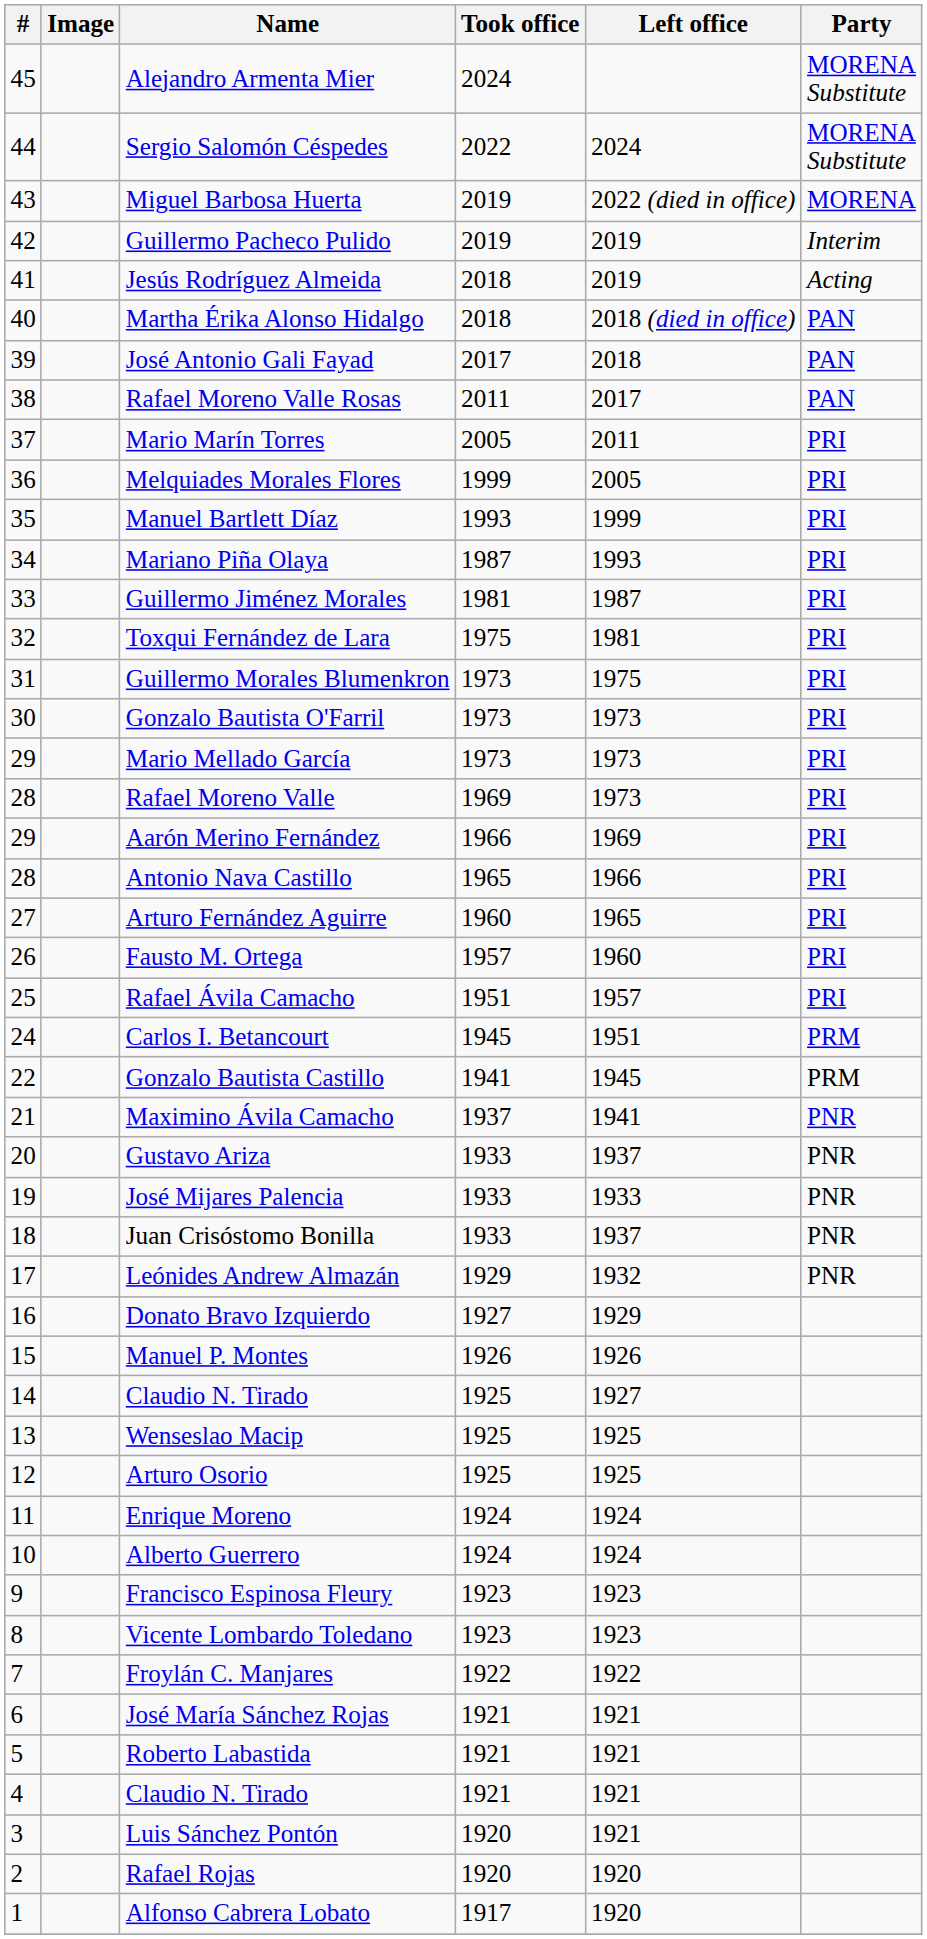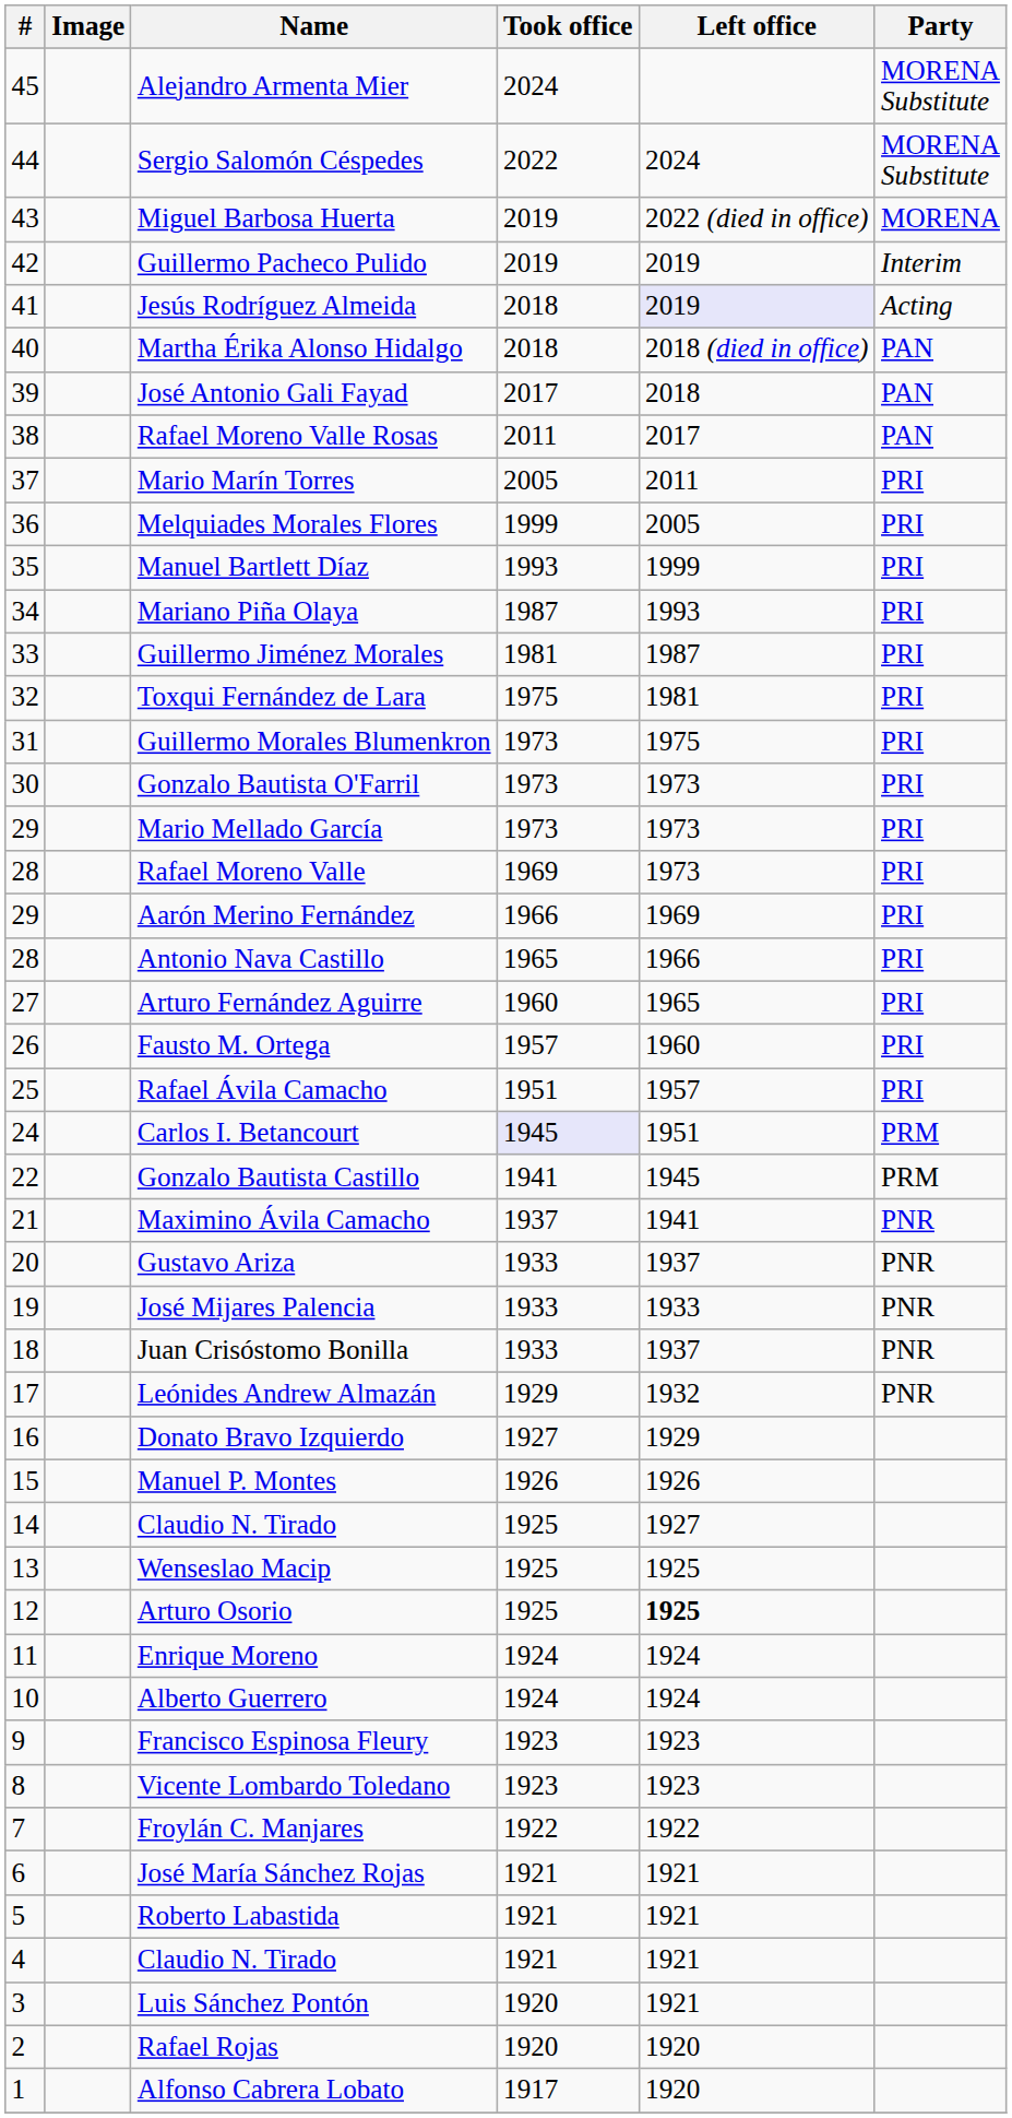 <table class="wikitable">
 <tr>
 <th scope = "col">#</th>
 <th scope = "col">Image</th>
 <th scope = "col">Name</th>
 <th scope = "col">Took office</th>
 <th scope = "col">Left office</th>
 <th scope = "col">Party</th>
 </tr>
 <tr>
 <td>45</td>
 <td></td>
 <td><a href='#'>Alejandro Armenta Mier</a></td>
 <td>2024</td>
 <td></td>
 <td><a href='#'>MORENA</a><br><em>Substitute</em></td>
 </tr>
 <tr>
 <td>44</td>
 <td></td>
 <td><a href='#'>Sergio Salomón Céspedes</a></td>
 <td>2022</td>
 <td>2024</td>
 <td><a href='#'>MORENA</a><br><em>Substitute</em></td>
 </tr>
 <tr>
 <td>43</td>
 <td></td>
 <td><a href='#'>Miguel Barbosa Huerta</a></td>
 <td>2019</td>
 <td>2022 <em>(died in office)</em></td>
 <td><a href='#'>MORENA</a></td>
 </tr>
 <tr>
 <td>42</td>
 <td></td>
 <td><a href='#'>Guillermo Pacheco Pulido</a></td>
 <td>2019</td>
 <td>2019</td>
 <td><em>Interim</em></td>
 </tr>
 <tr>
 <td>41</td>
 <td></td>
 <td><a href='#'>Jesús Rodríguez Almeida</a></td>
 <td>2018</td>
-<td>2019</td>
+<td style="background: lavender;">2019</td>
 <td><em>Acting</em></td>
 </tr>
 <tr>
 <td>40</td>
 <td></td>
 <td><a href='#'>Martha Érika Alonso Hidalgo</a></td>
 <td>2018</td>
 <td>2018 <em>(<a href='#'>died in office</a>)</em></td>
 <td><a href='#'>PAN</a></td>
 </tr>
 <tr>
 <td>39</td>
 <td></td>
 <td><a href='#'>José Antonio Gali Fayad</a></td>
 <td>2017</td>
 <td>2018</td>
 <td><a href='#'>PAN</a></td>
 </tr>
 <tr>
 <td>38</td>
 <td></td>
 <td><a href='#'>Rafael Moreno Valle Rosas</a></td>
 <td>2011</td>
 <td>2017</td>
 <td><a href='#'>PAN</a></td>
 </tr>
 <tr>
 <td>37</td>
 <td></td>
 <td><a href='#'>Mario Marín Torres</a></td>
 <td>2005</td>
 <td>2011</td>
 <td><a href='#'>PRI</a></td>
 </tr>
 <tr>
 <td>36</td>
 <td></td>
 <td><a href='#'>Melquiades Morales Flores</a></td>
 <td>1999</td>
 <td>2005</td>
 <td><a href='#'>PRI</a></td>
 </tr>
 <tr>
 <td>35</td>
 <td></td>
 <td><a href='#'>Manuel Bartlett Díaz</a></td>
 <td>1993</td>
 <td>1999</td>
 <td><a href='#'>PRI</a></td>
 </tr>
 <tr>
 <td>34</td>
 <td></td>
 <td><a href='#'>Mariano Piña Olaya</a></td>
 <td>1987</td>
 <td>1993</td>
 <td><a href='#'>PRI</a></td>
 </tr>
 <tr>
 <td>33</td>
 <td></td>
 <td><a href='#'>Guillermo Jiménez Morales</a></td>
 <td>1981</td>
 <td>1987</td>
 <td><a href='#'>PRI</a></td>
 </tr>
 <tr>
 <td>32</td>
 <td></td>
 <td><a href='#'>Toxqui Fernández de Lara</a></td>
 <td>1975</td>
 <td>1981</td>
 <td><a href='#'>PRI</a></td>
 </tr>
 <tr>
 <td>31</td>
 <td></td>
 <td><a href='#'>Guillermo Morales Blumenkron</a></td>
 <td>1973</td>
 <td>1975</td>
 <td><a href='#'>PRI</a></td>
 </tr>
 <tr>
 <td>30</td>
 <td></td>
 <td><a href='#'>Gonzalo Bautista O'Farril</a></td>
 <td>1973</td>
 <td>1973</td>
 <td><a href='#'>PRI</a></td>
 </tr>
 <tr>
 <td>29</td>
 <td></td>
 <td><a href='#'>Mario Mellado García</a></td>
 <td>1973</td>
 <td>1973</td>
 <td><a href='#'>PRI</a></td>
 </tr>
 <tr>
 <td>28</td>
 <td></td>
 <td><a href='#'>Rafael Moreno Valle</a></td>
 <td>1969</td>
 <td>1973</td>
 <td><a href='#'>PRI</a></td>
 </tr>
 <tr>
 <td>29</td>
 <td></td>
 <td><a href='#'>Aarón Merino Fernández</a></td>
 <td>1966</td>
 <td>1969</td>
 <td><a href='#'>PRI</a></td>
 </tr>
 <tr>
 <td>28</td>
 <td></td>
 <td><a href='#'>Antonio Nava Castillo</a></td>
 <td>1965</td>
 <td>1966</td>
 <td><a href='#'>PRI</a></td>
 </tr>
 <tr>
 <td>27</td>
 <td></td>
 <td><a href='#'>Arturo Fernández Aguirre</a></td>
 <td>1960</td>
 <td>1965</td>
 <td><a href='#'>PRI</a></td>
 </tr>
 <tr>
 <td>26</td>
 <td></td>
 <td><a href='#'>Fausto M. Ortega</a></td>
 <td>1957</td>
 <td>1960</td>
 <td><a href='#'>PRI</a></td>
 </tr>
 <tr>
 <td>25</td>
 <td></td>
 <td><a href='#'>Rafael Ávila Camacho</a></td>
 <td>1951</td>
 <td>1957</td>
 <td><a href='#'>PRI</a></td>
 </tr>
 <tr>
 <td>24</td>
 <td></td>
 <td><a href='#'>Carlos I. Betancourt</a></td>
-<td>1945</td>
+<td style="background: lavender;">1945</td>
 <td>1951</td>
 <td><a href='#'>PRM</a></td>
 </tr>
 <tr>
 <td>22</td>
 <td></td>
 <td><a href='#'>Gonzalo Bautista Castillo</a></td>
 <td>1941</td>
 <td>1945</td>
 <td>PRM</td>
 </tr>
 <tr>
 <td>21</td>
 <td></td>
 <td><a href='#'>Maximino Ávila Camacho</a></td>
 <td>1937</td>
 <td>1941</td>
 <td><a href='#'>PNR</a></td>
 </tr>
 <tr>
 <td>20</td>
 <td></td>
 <td><a href='#'>Gustavo Ariza</a></td>
 <td>1933</td>
 <td>1937</td>
 <td>PNR</td>
 </tr>
 <tr>
 <td>19</td>
 <td></td>
 <td><a href='#'>José Mijares Palencia</a></td>
 <td>1933</td>
 <td>1933</td>
 <td>PNR</td>
 </tr>
 <tr>
 <td>18</td>
 <td></td>
 <td>Juan Crisóstomo Bonilla</td>
 <td>1933</td>
 <td>1937</td>
 <td>PNR</td>
 </tr>
 <tr>
 <td>17</td>
 <td></td>
 <td><a href='#'>Leónides Andrew Almazán</a></td>
 <td>1929</td>
 <td>1932</td>
 <td>PNR</td>
 </tr>
 <tr>
 <td>16</td>
 <td></td>
 <td><a href='#'>Donato Bravo Izquierdo</a></td>
 <td>1927</td>
 <td>1929</td>
 <td></td>
 </tr>
 <tr>
 <td>15</td>
 <td></td>
 <td><a href='#'>Manuel P. Montes</a></td>
 <td>1926</td>
 <td>1926</td>
 <td></td>
 </tr>
 <tr>
 <td>14</td>
 <td></td>
 <td><a href='#'>Claudio N. Tirado</a></td>
 <td>1925</td>
 <td>1927</td>
 <td></td>
 </tr>
 <tr>
 <td>13</td>
 <td></td>
 <td><a href='#'>Wenseslao Macip</a></td>
 <td>1925</td>
 <td>1925</td>
 <td></td>
 </tr>
 <tr>
 <td>12</td>
 <td></td>
 <td><a href='#'>Arturo Osorio</a></td>
 <td>1925</td>
-<td>1925</td>
+<td><strong>1925</strong></td>
 <td></td>
 </tr>
 <tr>
 <td>11</td>
 <td></td>
 <td><a href='#'>Enrique Moreno</a></td>
 <td>1924</td>
 <td>1924</td>
 <td></td>
 </tr>
 <tr>
 <td>10</td>
 <td></td>
 <td><a href='#'>Alberto Guerrero</a></td>
 <td>1924</td>
 <td>1924</td>
 <td></td>
 </tr>
 <tr>
 <td>9</td>
 <td></td>
 <td><a href='#'>Francisco Espinosa Fleury</a></td>
 <td>1923</td>
 <td>1923</td>
 <td></td>
 </tr>
 <tr>
 <td>8</td>
 <td></td>
 <td><a href='#'>Vicente Lombardo Toledano</a></td>
 <td>1923</td>
 <td>1923</td>
 <td></td>
 </tr>
 <tr>
 <td>7</td>
 <td></td>
 <td><a href='#'>Froylán C. Manjares</a></td>
 <td>1922</td>
 <td>1922</td>
 <td></td>
 </tr>
 <tr>
 <td>6</td>
 <td></td>
 <td><a href='#'>José María Sánchez Rojas</a></td>
 <td>1921</td>
 <td>1921</td>
 <td></td>
 </tr>
 <tr>
 <td>5</td>
 <td></td>
 <td><a href='#'>Roberto Labastida</a></td>
 <td>1921</td>
 <td>1921</td>
 <td></td>
 </tr>
 <tr>
 <td>4</td>
 <td></td>
 <td><a href='#'>Claudio N. Tirado</a></td>
 <td>1921</td>
 <td>1921</td>
 <td></td>
 </tr>
 <tr>
 <td>3</td>
 <td></td>
 <td><a href='#'>Luis Sánchez Pontón</a></td>
 <td>1920</td>
 <td>1921</td>
 <td></td>
 </tr>
 <tr>
 <td>2</td>
 <td></td>
 <td><a href='#'>Rafael Rojas</a></td>
 <td>1920</td>
 <td>1920</td>
 <td></td>
 </tr>
 <tr>
 <td>1</td>
 <td></td>
 <td><a href='#'>Alfonso Cabrera Lobato</a></td>
 <td>1917</td>
 <td>1920</td>
 <td></td>
 </tr>
 <tr>
 </tr>
 </table>
